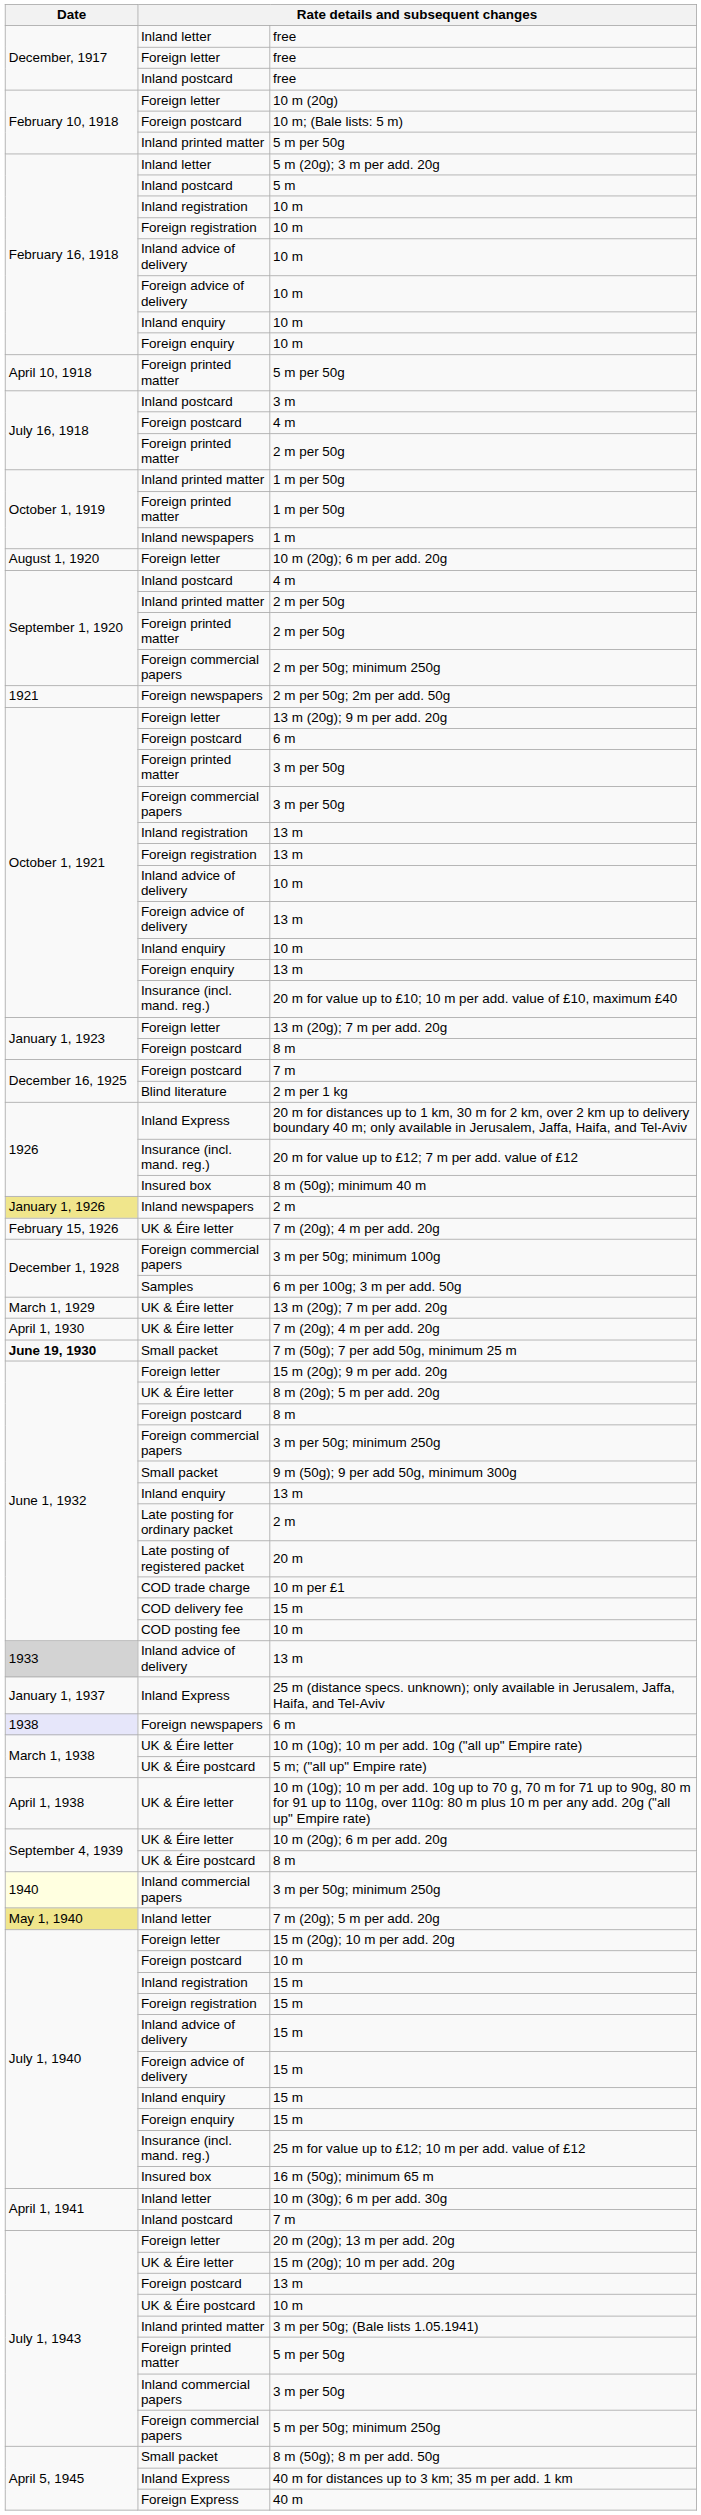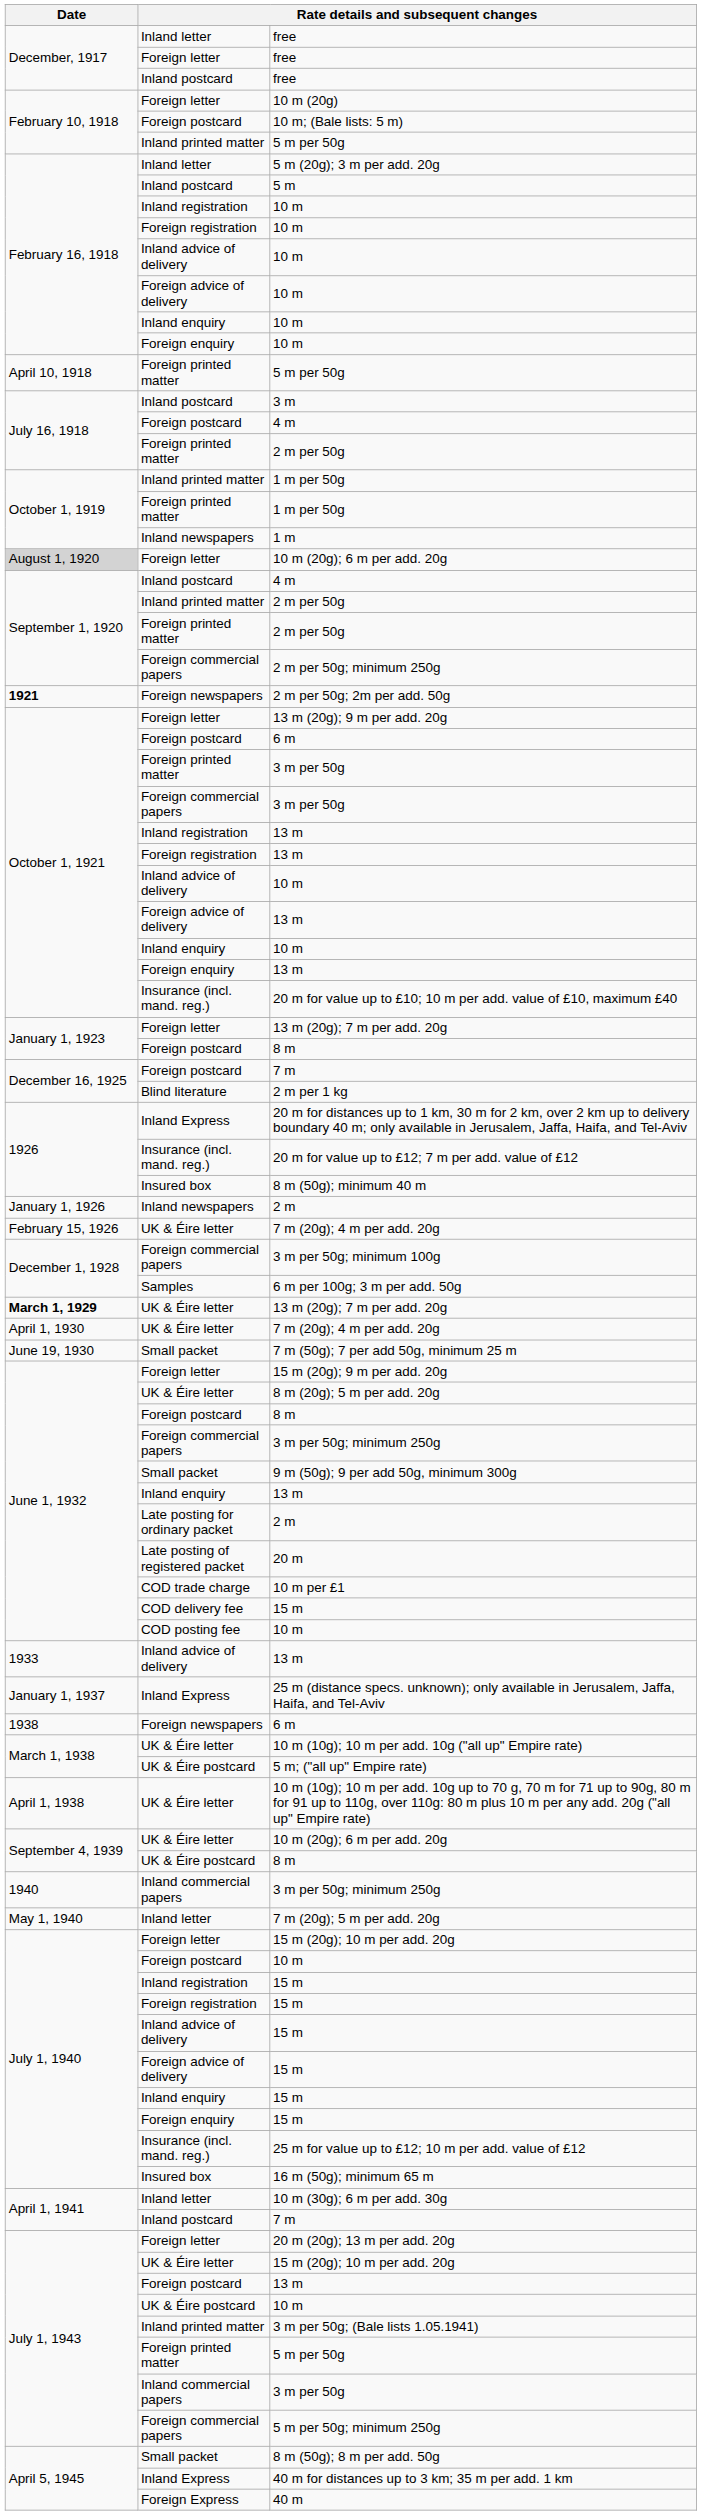 <table class="wikitable" style="margin:1em auto;">
 <tr>
 <th>Date</th>
 <th colspan="2">Rate details and subsequent changes</th>
 </tr>
 <tr>
 <td rowspan="3" width="150">December, 1917</td>
 <td width="150">Inland letter</td>
 <td width="500">free</td>
 </tr>
 <tr>
 <td width="150">Foreign letter</td>
 <td width="500">free</td>
 </tr>
 <tr>
 <td width="150">Inland postcard</td>
 <td width="500">free</td>
 </tr>
 <tr>
 <td rowspan="3" width="150">February 10, 1918</td>
 <td width="150">Foreign letter</td>
 <td width="500">10 m (20g)</td>
 </tr>
 <tr>
 <td width="150">Foreign postcard</td>
 <td width="500">10 m; (Bale lists: 5 m)</td>
 </tr>
 <tr>
 <td width="150">Inland printed matter</td>
 <td width="500">5 m per 50g</td>
 </tr>
 <tr>
 <td rowspan="8" width="150">February 16, 1918</td>
 <td width="150">Inland letter</td>
 <td width="500">5 m (20g); 3 m per add. 20g</td>
 </tr>
 <tr>
 <td width="150">Inland postcard</td>
 <td width="500">5 m</td>
 </tr>
 <tr>
 <td width="150">Inland registration</td>
 <td width="500">10 m</td>
 </tr>
 <tr>
 <td width="150">Foreign registration</td>
 <td width="500">10 m</td>
 </tr>
 <tr>
 <td width="150">Inland advice of delivery</td>
 <td width="500">10 m</td>
 </tr>
 <tr>
 <td width="150">Foreign advice of delivery</td>
 <td width="500">10 m</td>
 </tr>
 <tr>
 <td width="150">Inland enquiry</td>
 <td width="500">10 m</td>
 </tr>
 <tr>
 <td width="150">Foreign enquiry</td>
 <td width="500">10 m</td>
 </tr>
 <tr>
 <td rowspan="1" width="150">April 10, 1918</td>
 <td width="150">Foreign printed matter</td>
 <td width="500">5 m per 50g</td>
 </tr>
 <tr>
 <td rowspan="3" width="150">July 16, 1918</td>
 <td width="150">Inland postcard</td>
 <td width="500">3 m</td>
 </tr>
 <tr>
 <td width="150">Foreign postcard</td>
 <td width="500">4 m</td>
 </tr>
 <tr>
 <td width="150">Foreign printed matter</td>
 <td width="500">2 m per 50g</td>
 </tr>
 <tr>
 <td rowspan="3" width="150">October 1, 1919</td>
 <td width="150">Inland printed matter</td>
 <td width="500">1 m per 50g</td>
 </tr>
 <tr>
 <td width="150">Foreign printed matter</td>
 <td width="500">1 m per 50g</td>
 </tr>
 <tr>
 <td width="150">Inland newspapers</td>
 <td width="500">1 m</td>
 </tr>
 <tr>
-<td rowspan="1" width="150">August 1, 1920</td>
+<td rowspan="1" width="150" style="background: lightgrey;">August 1, 1920</td>
 <td width="150">Foreign letter</td>
 <td width="500">10 m (20g); 6 m per add. 20g</td>
 </tr>
 <tr>
 <td rowspan="4" width="150">September 1, 1920</td>
 <td width="150">Inland postcard</td>
 <td width="500">4 m</td>
 </tr>
 <tr>
 <td width="150">Inland printed matter</td>
 <td width="500">2 m per 50g</td>
 </tr>
 <tr>
 <td width="150">Foreign printed matter</td>
 <td width="500">2 m per 50g</td>
 </tr>
 <tr>
 <td width="150">Foreign commercial papers</td>
 <td width="500">2 m per 50g; minimum 250g</td>
 </tr>
 <tr>
-<td rowspan="1" width="150">1921</td>
+<td rowspan="1" width="150"><strong>1921</strong></td>
 <td width="150">Foreign newspapers</td>
 <td width="500">2 m per 50g; 2m per add. 50g</td>
 </tr>
 <tr>
 <td rowspan="11" width="150">October 1, 1921</td>
 <td width="150">Foreign letter</td>
 <td width="500">13 m (20g); 9 m per add. 20g</td>
 </tr>
 <tr>
 <td width="150">Foreign postcard</td>
 <td width="500">6 m</td>
 </tr>
 <tr>
 <td width="150">Foreign printed matter</td>
 <td width="500">3 m per 50g</td>
 </tr>
 <tr>
 <td width="150">Foreign commercial papers</td>
 <td width="500">3 m per 50g</td>
 </tr>
 <tr>
 <td width="150">Inland registration</td>
 <td width="500">13 m</td>
 </tr>
 <tr>
 <td width="150">Foreign registration</td>
 <td width="500">13 m</td>
 </tr>
 <tr>
 <td width="150">Inland advice of delivery</td>
 <td width="500">10 m</td>
 </tr>
 <tr>
 <td width="150">Foreign advice of delivery</td>
 <td width="500">13 m</td>
 </tr>
 <tr>
 <td width="150">Inland enquiry</td>
 <td width="500">10 m</td>
 </tr>
 <tr>
 <td width="150">Foreign enquiry</td>
 <td width="500">13 m</td>
 </tr>
 <tr>
 <td width="150">Insurance (incl. mand. reg.)</td>
 <td width="500">20 m for value up to £10; 10 m per add. value of £10, maximum £40</td>
 </tr>
 <tr>
 <td rowspan="2" width="150">January 1, 1923</td>
 <td width="150">Foreign letter</td>
 <td width="500">13 m (20g); 7 m per add. 20g</td>
 </tr>
 <tr>
 <td width="150">Foreign postcard</td>
 <td width="500">8 m</td>
 </tr>
 <tr>
 <td rowspan="2" width="150">December 16, 1925 </td>
 <td width="150">Foreign postcard</td>
 <td width="500">7 m</td>
 </tr>
 <tr>
 <td width="150">Blind literature</td>
 <td width="500">2 m per 1 kg</td>
 </tr>
 <tr>
 <td rowspan="3" width="150">1926</td>
 <td width="150">Inland Express</td>
 <td width="500">20 m for distances up to 1 km, 30 m for 2 km, over 2 km up to delivery boundary 40 m; only available in Jerusalem, Jaffa, Haifa, and Tel-Aviv</td>
 </tr>
 <tr>
 <td width="150">Insurance (incl. mand. reg.)</td>
 <td width="500">20 m for value up to £12; 7 m per add. value of £12</td>
 </tr>
 <tr>
 <td width="150">Insured box</td>
 <td width="500">8 m (50g); minimum 40 m</td>
 </tr>
 <tr>
-<td rowspan="1" width="150" style="background: khaki;">January 1, 1926</td>
+<td rowspan="1" width="150">January 1, 1926</td>
 <td width="150">Inland newspapers</td>
 <td width="500">2 m</td>
 </tr>
 <tr>
 <td rowspan="1" width="150">February 15, 1926</td>
 <td width="150">UK & Éire letter</td>
 <td width="500">7 m (20g); 4 m per add. 20g</td>
 </tr>
 <tr>
 <td rowspan="2" width="150">December 1, 1928</td>
 <td width="150">Foreign commercial papers</td>
 <td width="500">3 m per 50g; minimum 100g</td>
 </tr>
 <tr>
 <td width="150">Samples</td>
 <td width="500">6 m per 100g; 3 m per add. 50g</td>
 </tr>
 <tr>
-<td rowspan="1" width="150">March 1, 1929</td>
+<td rowspan="1" width="150"><strong>March 1, 1929</strong></td>
 <td width="150">UK & Éire letter</td>
 <td width="500">13 m (20g); 7 m per add. 20g</td>
 </tr>
 <tr>
 <td rowspan="1" width="150">April 1, 1930</td>
 <td width="150">UK & Éire letter</td>
 <td width="500">7 m (20g); 4 m per add. 20g</td>
 </tr>
 <tr>
-<td rowspan="1" width="150"><strong>June 19, 1930</strong></td>
+<td rowspan="1" width="150">June 19, 1930</td>
 <td width="150">Small packet</td>
 <td width="500">7 m (50g); 7 per add 50g, minimum 25 m</td>
 </tr>
 <tr>
 <td rowspan="11" width="150">June 1, 1932</td>
 <td width="150">Foreign letter</td>
 <td width="500">15 m (20g); 9 m per add. 20g</td>
 </tr>
 <tr>
 <td width="150">UK & Éire letter</td>
 <td width="500">8 m (20g); 5 m per add. 20g</td>
 </tr>
 <tr>
 <td width="150">Foreign postcard</td>
 <td width="500">8 m</td>
 </tr>
 <tr>
 <td width="150">Foreign commercial papers</td>
 <td width="500">3 m per 50g; minimum 250g</td>
 </tr>
 <tr>
 <td width="150">Small packet</td>
 <td width="500">9 m (50g); 9 per add 50g, minimum 300g</td>
 </tr>
 <tr>
 <td width="150">Inland enquiry</td>
 <td width="500">13 m</td>
 </tr>
 <tr>
 <td width="150">Late posting for ordinary packet</td>
 <td width="500">2 m</td>
 </tr>
 <tr>
 <td width="150">Late posting of registered packet</td>
 <td width="500">20 m</td>
 </tr>
 <tr>
 <td width="150">COD trade charge</td>
 <td width="500">10 m per £1</td>
 </tr>
 <tr>
 <td width="150">COD delivery fee</td>
 <td width="500">15 m</td>
 </tr>
 <tr>
 <td width="150">COD posting fee</td>
 <td width="500">10 m</td>
 </tr>
 <tr>
-<td rowspan="1" width="150" style="background: lightgrey;">1933</td>
+<td rowspan="1" width="150">1933</td>
 <td width="150">Inland advice of delivery</td>
 <td width="500">13 m</td>
 </tr>
 <tr>
 <td rowspan="1" width="150">January 1, 1937</td>
 <td width="150">Inland Express</td>
 <td width="500">25 m (distance specs. unknown); only available in Jerusalem, Jaffa, Haifa, and Tel-Aviv</td>
 </tr>
 <tr>
-<td rowspan="1" width="150" style="background: lavender;">1938</td>
+<td rowspan="1" width="150">1938</td>
 <td width="150">Foreign newspapers</td>
 <td width="500">6 m</td>
 </tr>
 <tr>
 <td rowspan="2" width="150">March 1, 1938</td>
 <td width="150">UK & Éire letter</td>
 <td width="500">10 m (10g); 10 m per add. 10g ("all up" Empire rate)</td>
 </tr>
 <tr>
 <td width="150">UK & Éire postcard</td>
 <td width="500">5 m; ("all up" Empire rate)</td>
 </tr>
 <tr>
 <td rowspan="1" width="150">April 1, 1938</td>
 <td width="150">UK & Éire letter</td>
 <td width="500">10 m (10g); 10 m per add. 10g up to 70 g, 70 m for 71 up to 90g, 80 m for 91 up to 110g, over 110g: 80 m plus 10 m per any add. 20g ("all up" Empire rate)</td>
 </tr>
 <tr>
 <td rowspan="2" width="150">September 4, 1939</td>
 <td width="150">UK & Éire letter</td>
 <td width="500">10 m (20g); 6 m per add. 20g</td>
 </tr>
 <tr>
 <td width="150">UK & Éire postcard</td>
 <td width="500">8 m</td>
 </tr>
 <tr>
-<td rowspan="1" width="150" style="background: lightyellow;">1940</td>
+<td rowspan="1" width="150">1940</td>
 <td width="150">Inland commercial papers</td>
 <td width="500">3 m per 50g; minimum 250g</td>
 </tr>
 <tr>
-<td rowspan="1" width="150" style="background: khaki;">May 1, 1940</td>
+<td rowspan="1" width="150">May 1, 1940</td>
 <td width="150">Inland letter</td>
 <td width="500">7 m (20g); 5 m per add. 20g</td>
 </tr>
 <tr>
 <td rowspan="10" width="150">July 1, 1940</td>
 <td width="150">Foreign letter</td>
 <td width="500">15 m (20g); 10 m per add. 20g</td>
 </tr>
 <tr>
 <td width="150">Foreign postcard</td>
 <td width="500">10 m</td>
 </tr>
 <tr>
 <td width="150">Inland registration</td>
 <td width="500">15 m</td>
 </tr>
 <tr>
 <td width="150">Foreign registration</td>
 <td width="500">15 m</td>
 </tr>
 <tr>
 <td width="150">Inland advice of delivery</td>
 <td width="500">15 m</td>
 </tr>
 <tr>
 <td width="150">Foreign advice of delivery</td>
 <td width="500">15 m</td>
 </tr>
 <tr>
 <td width="150">Inland enquiry</td>
 <td width="500">15 m</td>
 </tr>
 <tr>
 <td width="150">Foreign enquiry</td>
 <td width="500">15 m</td>
 </tr>
 <tr>
 <td width="150">Insurance (incl. mand. reg.)</td>
 <td width="500">25 m for value up to £12; 10 m per add. value of £12</td>
 </tr>
 <tr>
 <td width="150">Insured box</td>
 <td width="500">16 m (50g); minimum 65 m</td>
 </tr>
 <tr>
 <td rowspan="2" width="150">April 1, 1941</td>
 <td width="150">Inland letter</td>
 <td width="500">10 m (30g); 6 m per add. 30g</td>
 </tr>
 <tr>
 <td width="150">Inland postcard</td>
 <td width="500">7 m</td>
 </tr>
 <tr>
 <td rowspan="8" width="150">July 1, 1943</td>
 <td width="150">Foreign letter</td>
 <td width="500">20 m (20g); 13 m per add. 20g</td>
 </tr>
 <tr>
 <td width="150">UK & Éire letter</td>
 <td width="500">15 m (20g); 10 m per add. 20g</td>
 </tr>
 <tr>
 <td width="150">Foreign postcard</td>
 <td width="500">13 m</td>
 </tr>
 <tr>
 <td width="150">UK & Éire postcard</td>
 <td width="500">10 m</td>
 </tr>
 <tr>
 <td width="150">Inland printed matter</td>
 <td width="500">3 m per 50g; (Bale lists 1.05.1941)</td>
 </tr>
 <tr>
 <td width="150">Foreign printed matter</td>
 <td width="500">5 m per 50g</td>
 </tr>
 <tr>
 <td width="150">Inland commercial papers</td>
 <td width="500">3 m per 50g</td>
 </tr>
 <tr>
 <td width="150">Foreign commercial papers</td>
 <td width="500">5 m per 50g; minimum 250g</td>
 </tr>
 <tr>
 <td rowspan="3" width="150">April 5, 1945</td>
 <td width="150">Small packet</td>
 <td width="500">8 m (50g); 8 m per add. 50g</td>
 </tr>
 <tr>
 <td width="150">Inland Express</td>
 <td width="500">40 m for distances up to 3 km; 35 m per add. 1 km</td>
 </tr>
 <tr>
 <td width="150">Foreign Express</td>
 <td width="500">40 m</td>
 </tr>
 </table>
